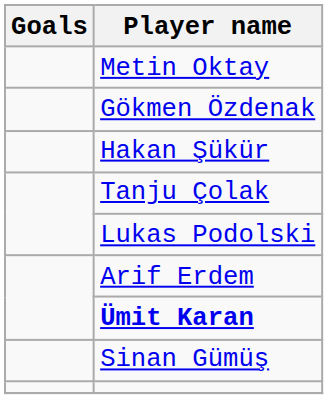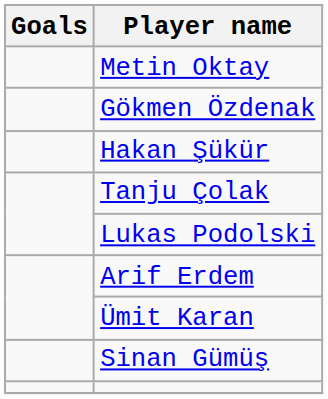 <table class="wikitable">
 <tr>
 <th>Goals</th>
 <th>Player name</th>
 </tr>
 <tr>
 <td></td>
 <td> <a href='#'>Metin Oktay</a></td>
 </tr>
 <tr>
 <td></td>
 <td> <a href='#'>Gökmen Özdenak</a></td>
 </tr>
 <tr>
 <td></td>
 <td> <a href='#'>Hakan Şükür</a></td>
 </tr>
 <tr>
 <td rowspan=2></td>
 <td> <a href='#'>Tanju Çolak</a></td>
 </tr>
 <tr>
 <td> <a href='#'>Lukas Podolski</a></td>
 </tr>
 <tr>
 <td rowspan=2></td>
 <td> <a href='#'>Arif Erdem</a></td>
 </tr>
 <tr>
-<td><strong> <a href='#'>Ümit Karan</a></strong></td>
+<td> <a href='#'>Ümit Karan</a></td>
 </tr>
 <tr>
 <td></td>
 <td> <a href='#'>Sinan Gümüş</a></td>
 </tr>
 <tr>
 <td></td>
 <td> </td>
 </tr>
 <tr>
 </tr>
 </table>
